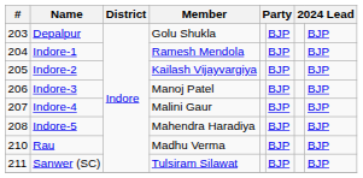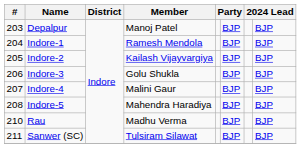 <table class="wikitable">
 <tr>
 <th>#</th>
 <th>Name</th>
 <th>District</th>
 <th>Member</th>
 <th colspan="2">Party</th>
 <th colspan="2">2024 Lead</th>
 </tr>
 <tr>
 <td>203</td>
 <td><a href='#'>Depalpur</a></td>
 <td rowspan="8"><a href='#'>Indore</a></td>
-<td>Golu Shukla</td>
+<td>Manoj Patel</td>
 <td style="background-color: "></td>
 <td><a href='#'>BJP</a></td>
 <td style="background-color: "></td>
 <td><a href='#'>BJP</a></td>
 </tr>
 <tr>
 <td>204</td>
 <td><a href='#'>Indore-1</a></td>
 <td><a href='#'>Ramesh Mendola</a></td>
 <td style="background-color: "></td>
 <td><a href='#'>BJP</a></td>
 <td style="background-color: "></td>
 <td><a href='#'>BJP</a></td>
 </tr>
 <tr>
 <td>205</td>
 <td><a href='#'>Indore-2</a></td>
 <td><a href='#'>Kailash Vijayvargiya</a></td>
 <td style="background-color: "></td>
 <td><a href='#'>BJP</a></td>
 <td style="background-color: "></td>
 <td><a href='#'>BJP</a></td>
 </tr>
 <tr>
 <td>206</td>
 <td><a href='#'>Indore-3</a></td>
-<td>Manoj Patel</td>
+<td>Golu Shukla</td>
 <td style="background-color: "></td>
 <td><a href='#'>BJP</a></td>
 <td style="background-color: "></td>
 <td><a href='#'>BJP</a></td>
 </tr>
 <tr>
 <td>207</td>
 <td><a href='#'>Indore-4</a></td>
 <td>Malini Gaur</td>
 <td style="background-color: "></td>
 <td><a href='#'>BJP</a></td>
 <td style="background-color: "></td>
 <td><a href='#'>BJP</a></td>
 </tr>
 <tr>
 <td>208</td>
 <td><a href='#'>Indore-5</a></td>
 <td>Mahendra Haradiya</td>
 <td style="background-color: "></td>
 <td><a href='#'>BJP</a></td>
 <td style="background-color: "></td>
 <td><a href='#'>BJP</a></td>
 </tr>
 <tr>
 <td>210</td>
 <td><a href='#'>Rau</a></td>
 <td>Madhu Verma</td>
 <td style="background-color: "></td>
 <td><a href='#'>BJP</a></td>
 <td style="background-color: "></td>
 <td><a href='#'>BJP</a></td>
 </tr>
 <tr>
 <td>211</td>
 <td><a href='#'>Sanwer</a> (SC)</td>
 <td><a href='#'>Tulsiram Silawat</a></td>
 <td style="background-color: "></td>
 <td><a href='#'>BJP</a></td>
 <td style="background-color: "></td>
 <td><a href='#'>BJP</a></td>
 </tr>
 <tr>
 </tr>
 </table>
